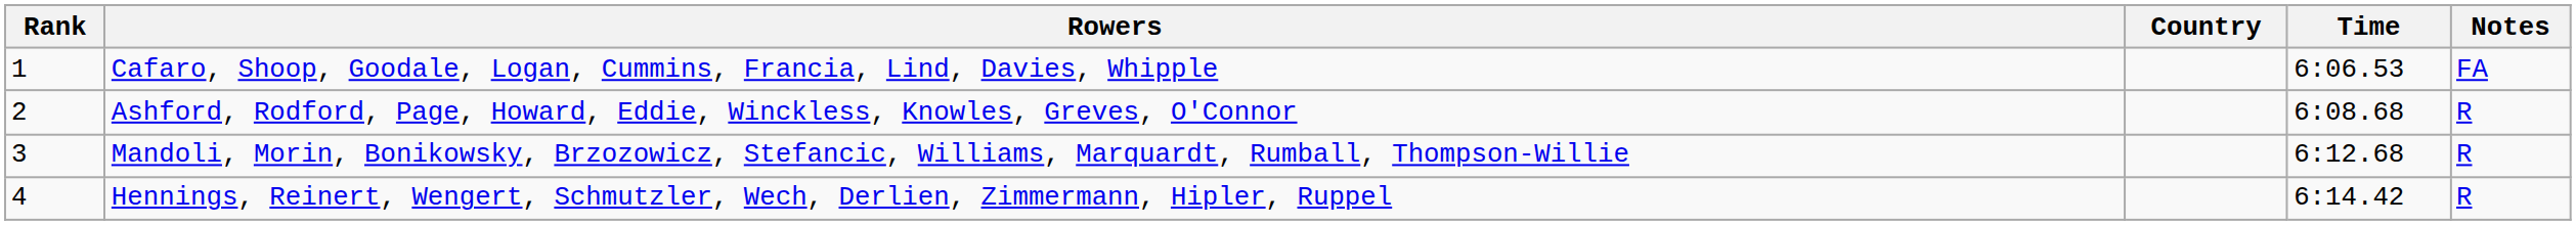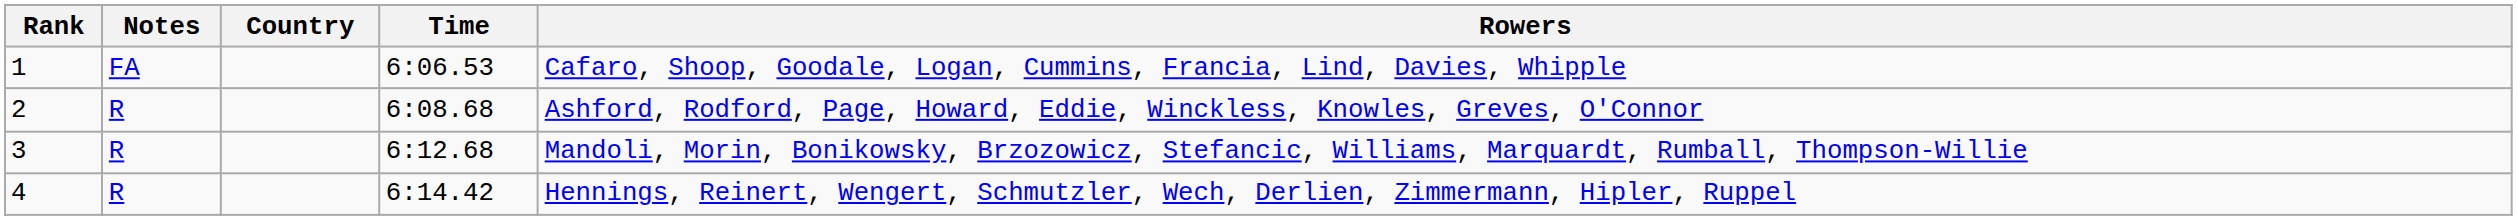 <table class="wikitable" width=80%>
 <tr>
 <th>Rank</th>
-<th>Rowers</th>
+<th>Notes</th>
 <th>Country</th>
 <th>Time</th>
-<th>Notes</th>
+<th>Rowers</th>
 </tr>
 <tr>
 <td>1</td>
-<td><a href='#'>Cafaro</a>, <a href='#'>Shoop</a>, <a href='#'>Goodale</a>, <a href='#'>Logan</a>, <a href='#'>Cummins</a>, <a href='#'>Francia</a>, <a href='#'>Lind</a>, <a href='#'>Davies</a>, <a href='#'>Whipple</a></td>
+<td><a href='#'>FA</a></td>
 <td></td>
 <td>6:06.53</td>
-<td><a href='#'>FA</a></td>
+<td><a href='#'>Cafaro</a>, <a href='#'>Shoop</a>, <a href='#'>Goodale</a>, <a href='#'>Logan</a>, <a href='#'>Cummins</a>, <a href='#'>Francia</a>, <a href='#'>Lind</a>, <a href='#'>Davies</a>, <a href='#'>Whipple</a></td>
 </tr>
 <tr>
 <td>2</td>
-<td><a href='#'>Ashford</a>, <a href='#'>Rodford</a>, <a href='#'>Page</a>, <a href='#'>Howard</a>, <a href='#'>Eddie</a>, <a href='#'>Winckless</a>, <a href='#'>Knowles</a>, <a href='#'>Greves</a>, <a href='#'>O'Connor</a></td>
+<td><a href='#'>R</a></td>
 <td></td>
 <td>6:08.68</td>
-<td><a href='#'>R</a></td>
+<td><a href='#'>Ashford</a>, <a href='#'>Rodford</a>, <a href='#'>Page</a>, <a href='#'>Howard</a>, <a href='#'>Eddie</a>, <a href='#'>Winckless</a>, <a href='#'>Knowles</a>, <a href='#'>Greves</a>, <a href='#'>O'Connor</a></td>
 </tr>
 <tr>
 <td>3</td>
-<td><a href='#'>Mandoli</a>, <a href='#'>Morin</a>, <a href='#'>Bonikowsky</a>, <a href='#'>Brzozowicz</a>, <a href='#'>Stefancic</a>, <a href='#'>Williams</a>, <a href='#'>Marquardt</a>, <a href='#'>Rumball</a>, <a href='#'>Thompson-Willie</a></td>
+<td><a href='#'>R</a></td>
 <td></td>
 <td>6:12.68</td>
-<td><a href='#'>R</a></td>
+<td><a href='#'>Mandoli</a>, <a href='#'>Morin</a>, <a href='#'>Bonikowsky</a>, <a href='#'>Brzozowicz</a>, <a href='#'>Stefancic</a>, <a href='#'>Williams</a>, <a href='#'>Marquardt</a>, <a href='#'>Rumball</a>, <a href='#'>Thompson-Willie</a></td>
 </tr>
 <tr>
 <td>4</td>
-<td><a href='#'>Hennings</a>, <a href='#'>Reinert</a>, <a href='#'>Wengert</a>, <a href='#'>Schmutzler</a>, <a href='#'>Wech</a>, <a href='#'>Derlien</a>, <a href='#'>Zimmermann</a>, <a href='#'>Hipler</a>, <a href='#'>Ruppel</a></td>
+<td><a href='#'>R</a></td>
 <td></td>
 <td>6:14.42</td>
-<td><a href='#'>R</a></td>
+<td><a href='#'>Hennings</a>, <a href='#'>Reinert</a>, <a href='#'>Wengert</a>, <a href='#'>Schmutzler</a>, <a href='#'>Wech</a>, <a href='#'>Derlien</a>, <a href='#'>Zimmermann</a>, <a href='#'>Hipler</a>, <a href='#'>Ruppel</a></td>
 </tr>
 </table>
